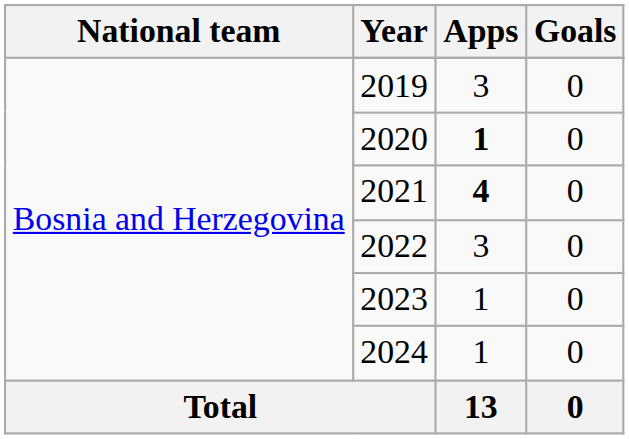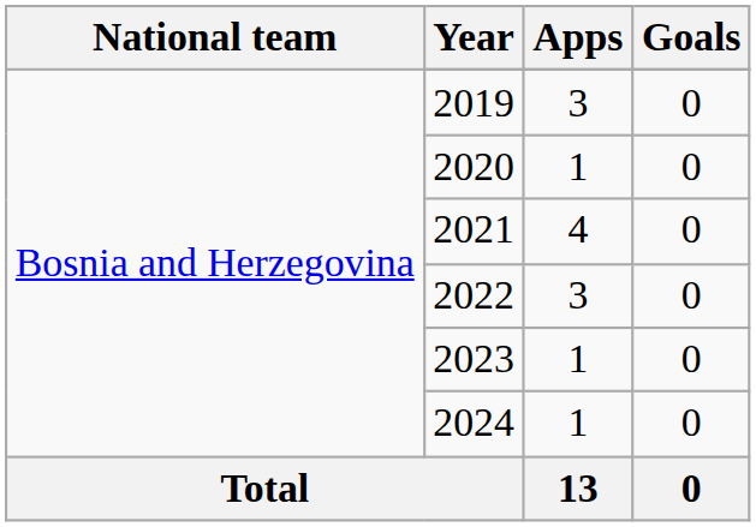 <table class="wikitable" style="text-align:center">
 <tr>
 <th>National team</th>
 <th>Year</th>
 <th>Apps</th>
 <th>Goals</th>
 </tr>
 <tr>
 <td rowspan=7><a href='#'>Bosnia and Herzegovina</a></td>
 </tr>
 <tr>
 <td>2019</td>
 <td>3</td>
 <td>0</td>
 </tr>
 <tr>
 <td>2020</td>
-<td><strong>1</strong></td>
+<td>1</td>
 <td>0</td>
 </tr>
 <tr>
 <td>2021</td>
-<td><strong>4</strong></td>
+<td>4</td>
 <td>0</td>
 </tr>
 <tr>
 <td>2022</td>
 <td>3</td>
 <td>0</td>
 </tr>
 <tr>
 <td>2023</td>
 <td>1</td>
 <td>0</td>
 </tr>
 <tr>
 <td>2024</td>
 <td>1</td>
 <td>0</td>
 </tr>
 <tr>
 <th colspan=2>Total</th>
 <th>13</th>
 <th>0</th>
 </tr>
 </table>
